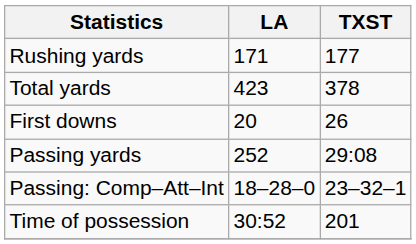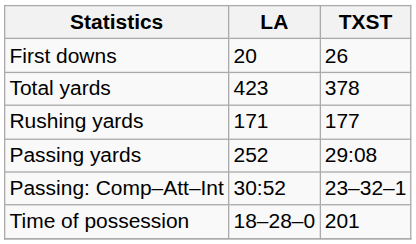 <table class="wikitable" style="float: left;">
 <tr>
 <th>Statistics</th>
 <th>LA</th>
 <th>TXST</th>
 </tr>
 <tr>
-<td>Rushing yards</td>
-<td>171</td>
-<td>177</td>
+<td>First downs</td>
+<td>20</td>
+<td>26</td>
 </tr>
 <tr>
 <td>Total yards</td>
 <td>423</td>
 <td>378</td>
 </tr>
 <tr>
-<td>First downs</td>
-<td>20</td>
-<td>26</td>
+<td>Rushing yards</td>
+<td>171</td>
+<td>177</td>
 </tr>
 <tr>
 <td>Passing yards</td>
 <td>252</td>
 <td>29:08</td>
 </tr>
 <tr>
 <td>Passing: Comp–Att–Int</td>
-<td>18–28–0</td>
+<td>30:52</td>
 <td>23–32–1</td>
 </tr>
 <tr>
 <td>Time of possession</td>
-<td>30:52</td>
+<td>18–28–0</td>
 <td>201</td>
 </tr>
 <tr>
 </tr>
 </table>
